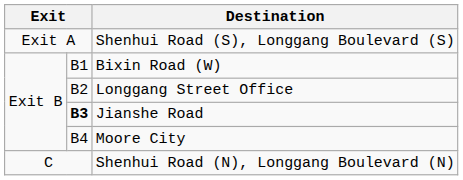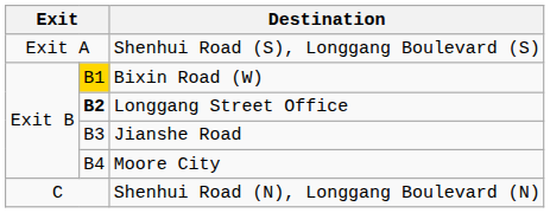 <table class="wikitable">
 <tr>
 <th style="width:70px" colspan="2">Exit</th>
 <th>Destination</th>
 </tr>
 <tr>
 <td align="center" colspan="2">Exit A</td>
 <td>Shenhui Road (S), Longgang Boulevard (S)</td>
 </tr>
 <tr>
 <td align="center" rowspan="4">Exit B</td>
-<td>B1</td>
+<td style="background: gold;">B1</td>
 <td>Bixin Road (W)</td>
 </tr>
 <tr>
-<td>B2</td>
+<td><strong>B2</strong></td>
 <td>Longgang Street Office</td>
 </tr>
 <tr>
-<td><strong>B3</strong></td>
+<td>B3</td>
 <td>Jianshe Road</td>
 </tr>
 <tr>
 <td>B4</td>
 <td>Moore City</td>
 </tr>
 <tr>
 <td align="center" colspan="2">C</td>
 <td>Shenhui Road (N), Longgang Boulevard (N)</td>
 </tr>
 </table>
